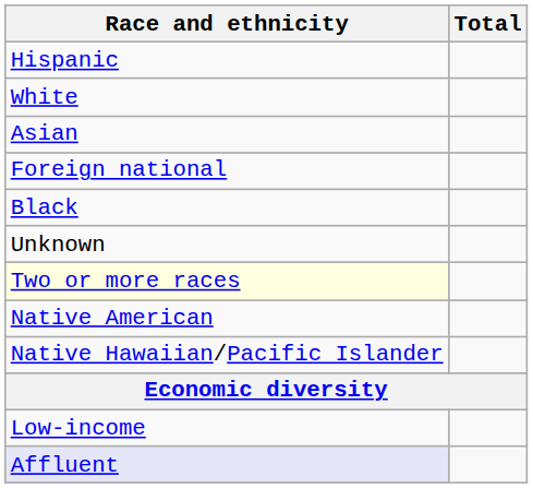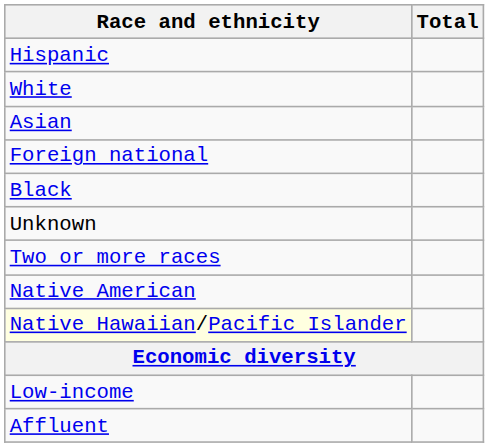 <table class="wikitable floatright sortable collapsible"; text-align:right; font-size:80%;">
 <tr>
 <th>Race and ethnicity</th>
 <th colspan="2" data-sort-type=number>Total</th>
 </tr>
 <tr>
 <td><a href='#'>Hispanic</a></td>
 <td align=right></td>
 </tr>
 <tr>
 <td><a href='#'>White</a></td>
 <td align=right></td>
 </tr>
 <tr>
 <td><a href='#'>Asian</a></td>
 <td align=right></td>
 </tr>
 <tr>
 <td><a href='#'>Foreign national</a></td>
 <td align=right></td>
 </tr>
 <tr>
 <td><a href='#'>Black</a></td>
 <td align=right></td>
 </tr>
 <tr>
 <td>Unknown</td>
 <td align=right></td>
 </tr>
 <tr>
-<td style="background: lightyellow;"><a href='#'>Two or more races</a></td>
+<td><a href='#'>Two or more races</a></td>
 <td align=right></td>
 </tr>
 <tr>
 <td><a href='#'>Native American</a></td>
 <td align=right></td>
 </tr>
 <tr>
-<td><a href='#'>Native Hawaiian</a>/<a href='#'>Pacific Islander</a></td>
+<td style="background: lightyellow;"><a href='#'>Native Hawaiian</a>/<a href='#'>Pacific Islander</a></td>
 <td align=right></td>
 </tr>
 <tr>
 <th colspan="4" data-sort-type=number><a href='#'>Economic diversity</a></th>
 </tr>
 <tr>
 <td><a href='#'>Low-income</a></td>
 <td align=right></td>
 </tr>
 <tr>
-<td style="background: lavender;"><a href='#'>Affluent</a></td>
+<td><a href='#'>Affluent</a></td>
 <td align=right></td>
 </tr>
 </table>
